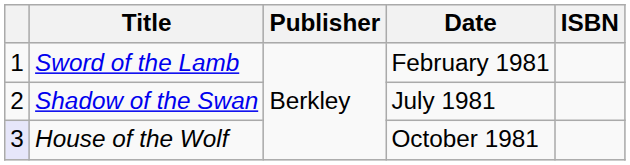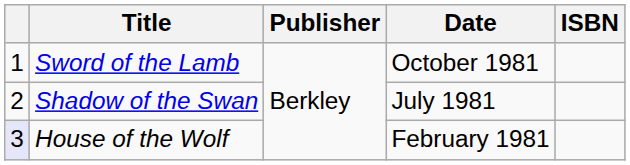 <table class="wikitable">
 <tr>
 <th></th>
 <th>Title</th>
 <th>Publisher</th>
 <th>Date</th>
 <th>ISBN</th>
 </tr>
 <tr>
 <td>1</td>
 <td><em><a href='#'>Sword of the Lamb</a></em></td>
 <td rowspan="3">Berkley</td>
-<td>February 1981</td>
+<td>October 1981</td>
 <td></td>
 </tr>
 <tr>
 <td>2</td>
 <td><em><a href='#'>Shadow of the Swan</a></em></td>
 <td>July 1981</td>
 <td></td>
 </tr>
 <tr>
 <td style="background: lavender;">3</td>
 <td><em>House of the Wolf</em></td>
-<td>October 1981</td>
+<td>February 1981</td>
 <td></td>
 </tr>
 </table>
